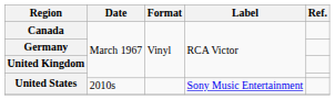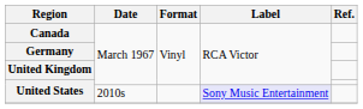 <table class="wikitable plainrowheaders">
 <tr>
 <th scope="col">Region</th>
 <th scope="col">Date</th>
 <th scope="col">Format</th>
 <th scope="col">Label</th>
 <th scope="col">Ref.</th>
 </tr>
 <tr>
 <th scope="row">Canada</th>
 <td rowspan="4">March 1967</td>
 <td rowspan="4">Vinyl</td>
 <td rowspan="4">RCA Victor</td>
 <td></td>
 </tr>
 <tr>
 <th scope="row">Germany</th>
 <td></td>
 </tr>
 <tr>
 <th scope="row">United Kingdom</th>
 <td></td>
 </tr>
 <tr>
 <th scope="row" rowspan="2">United States</th>
 <td></td>
 </tr>
 <tr>
 <td>2010s</td>
 <td></td>
-<td><a href='#'>Sony Music Entertainment</a></td>
+<td style="background: lavender;"><a href='#'>Sony Music Entertainment</a></td>
 <td></td>
 </tr>
 <tr>
 </tr>
 </table>
